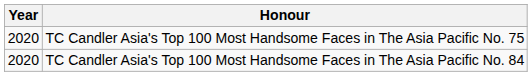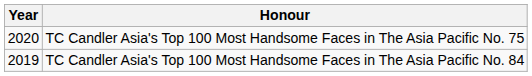 <table class="wikitable">
 <tr>
 <th>Year</th>
 <th>Honour</th>
 </tr>
 <tr>
 <td>2020</td>
 <td>TC Candler Asia's Top 100 Most Handsome Faces in The Asia Pacific No. 75 </td>
 </tr>
 <tr>
-<td>2020</td>
+<td>2019</td>
 <td>TC Candler Asia's Top 100 Most Handsome Faces in The Asia Pacific No. 84 </td>
 </tr>
 </table>
